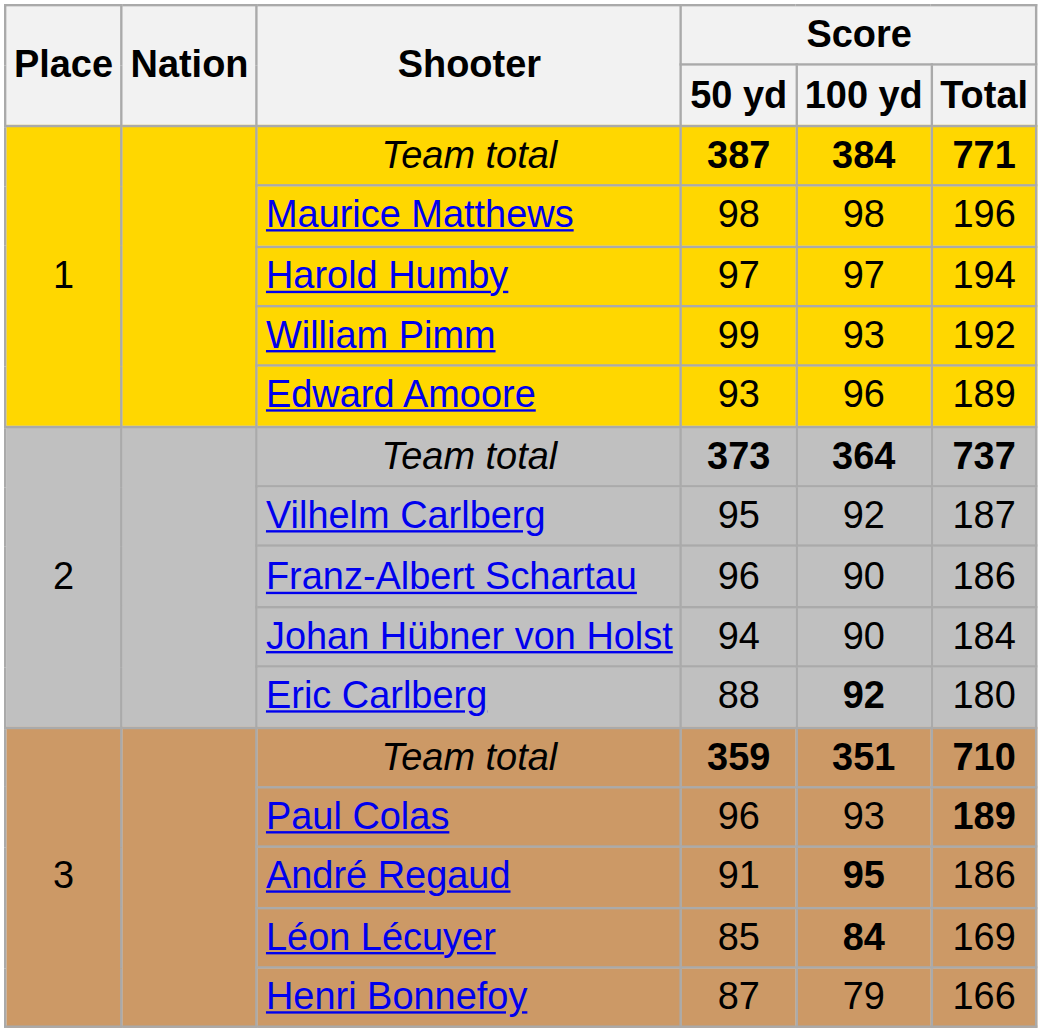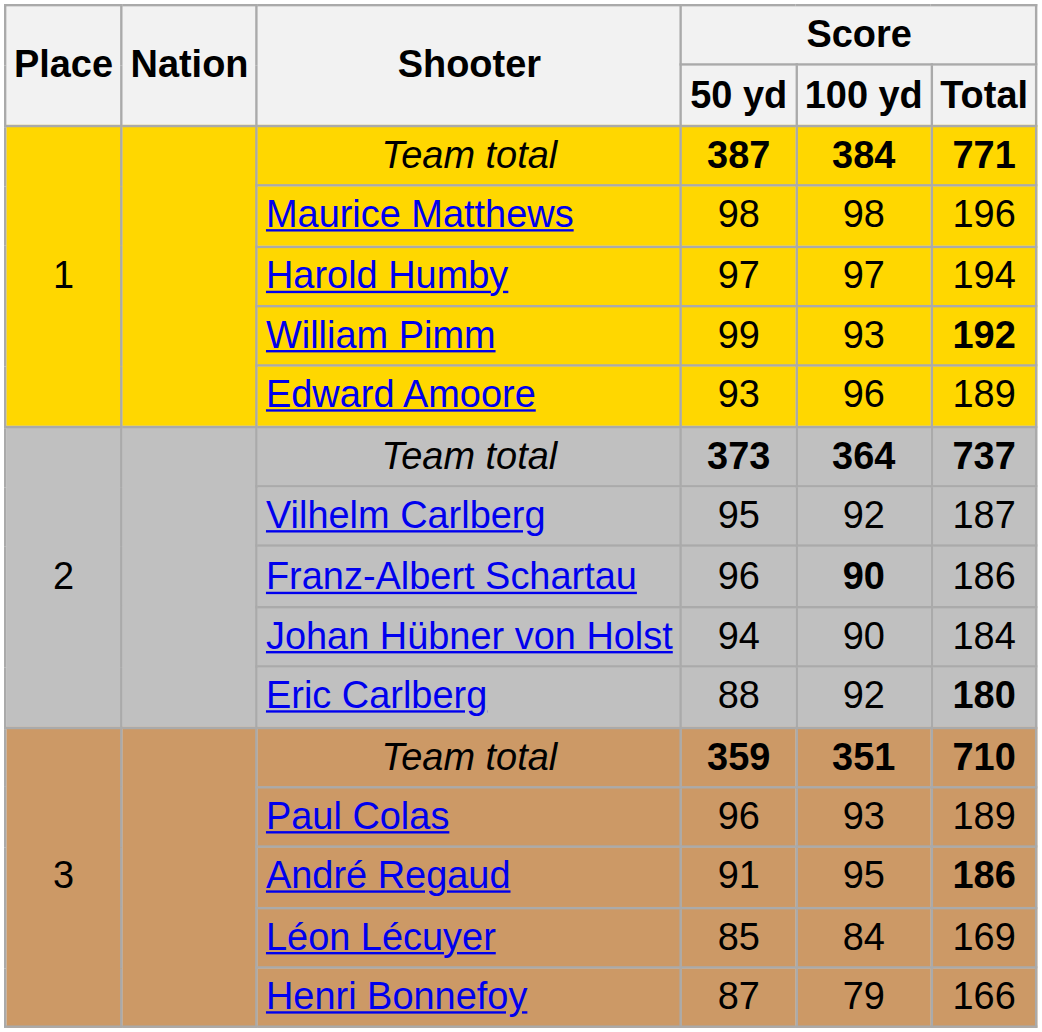 <table class=wikitable>
 <tr>
 <th rowspan=2>Place</th>
 <th rowspan=2>Nation</th>
 <th rowspan=2>Shooter</th>
 <th colspan=3>Score</th>
 </tr>
 <tr>
 <th>50 yd</th>
 <th>100 yd</th>
 <th>Total</th>
 </tr>
 <tr align=center bgcolor=gold>
 <td rowspan=5>1</td>
 <td rowspan=5 align=left></td>
 <td><em>Team total</em></td>
 <td><strong>387</strong></td>
 <td><strong>384</strong></td>
 <td><strong>771</strong></td>
 </tr>
 <tr align=center bgcolor=gold>
 <td align=left><a href='#'>Maurice Matthews</a></td>
 <td>98</td>
 <td>98</td>
 <td>196</td>
 </tr>
 <tr align=center bgcolor=gold>
 <td align=left><a href='#'>Harold Humby</a></td>
 <td>97</td>
 <td>97</td>
 <td>194</td>
 </tr>
 <tr align=center bgcolor=gold>
 <td align=left><a href='#'>William Pimm</a></td>
 <td>99</td>
 <td>93</td>
-<td>192</td>
+<td><strong>192</strong></td>
 </tr>
 <tr align=center bgcolor=gold>
 <td align=left><a href='#'>Edward Amoore</a></td>
 <td>93</td>
 <td>96</td>
 <td>189</td>
 </tr>
 <tr align=center bgcolor=silver>
 <td rowspan=5>2</td>
 <td rowspan=5 align=left></td>
 <td><em>Team total</em></td>
 <td><strong>373</strong></td>
 <td><strong>364</strong></td>
 <td><strong>737</strong></td>
 </tr>
 <tr align=center bgcolor=silver>
 <td align=left><a href='#'>Vilhelm Carlberg</a></td>
 <td>95</td>
 <td>92</td>
 <td>187</td>
 </tr>
 <tr align=center bgcolor=silver>
 <td align=left><a href='#'>Franz-Albert Schartau</a></td>
 <td>96</td>
-<td>90</td>
+<td><strong>90</strong></td>
 <td>186</td>
 </tr>
 <tr align=center bgcolor=silver>
 <td align=left><a href='#'>Johan Hübner von Holst</a></td>
 <td>94</td>
 <td>90</td>
 <td>184</td>
 </tr>
 <tr align=center bgcolor=silver>
 <td align=left><a href='#'>Eric Carlberg</a></td>
 <td>88</td>
-<td><strong>92</strong></td>
-<td>180</td>
+<td>92</td>
+<td><strong>180</strong></td>
 </tr>
 <tr align=center bgcolor=cc9966>
 <td rowspan=5>3</td>
 <td rowspan=5 align=left></td>
 <td><em>Team total</em></td>
 <td><strong>359</strong></td>
 <td><strong>351</strong></td>
 <td><strong>710</strong></td>
 </tr>
 <tr align=center bgcolor=cc9966>
 <td align=left><a href='#'>Paul Colas</a></td>
 <td>96</td>
 <td>93</td>
-<td><strong>189</strong></td>
+<td>189</td>
 </tr>
 <tr align=center bgcolor=cc9966>
 <td align=left><a href='#'>André Regaud</a></td>
 <td>91</td>
-<td><strong>95</strong></td>
-<td>186</td>
+<td>95</td>
+<td><strong>186</strong></td>
 </tr>
 <tr align=center bgcolor=cc9966>
 <td align=left><a href='#'>Léon Lécuyer</a></td>
 <td>85</td>
-<td><strong>84</strong></td>
+<td>84</td>
 <td>169</td>
 </tr>
 <tr align=center bgcolor=cc9966>
 <td align=left><a href='#'>Henri Bonnefoy</a></td>
 <td>87</td>
 <td>79</td>
 <td>166</td>
 </tr>
 </table>
